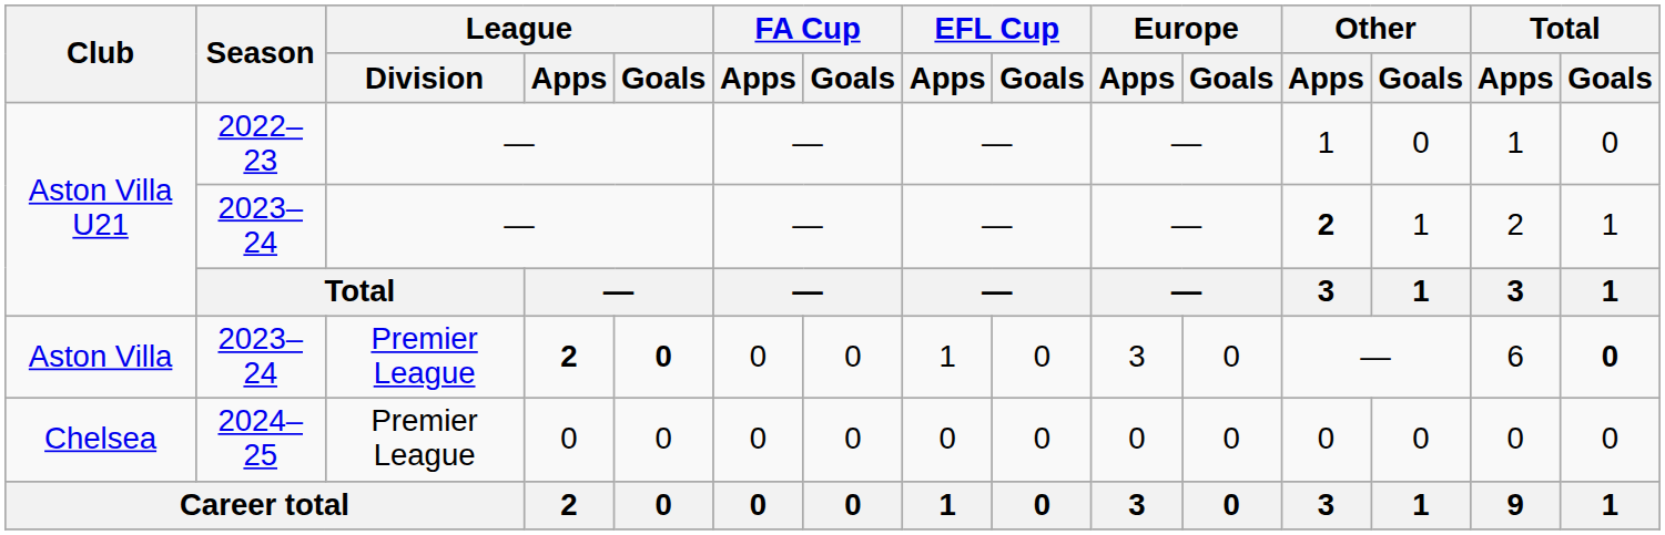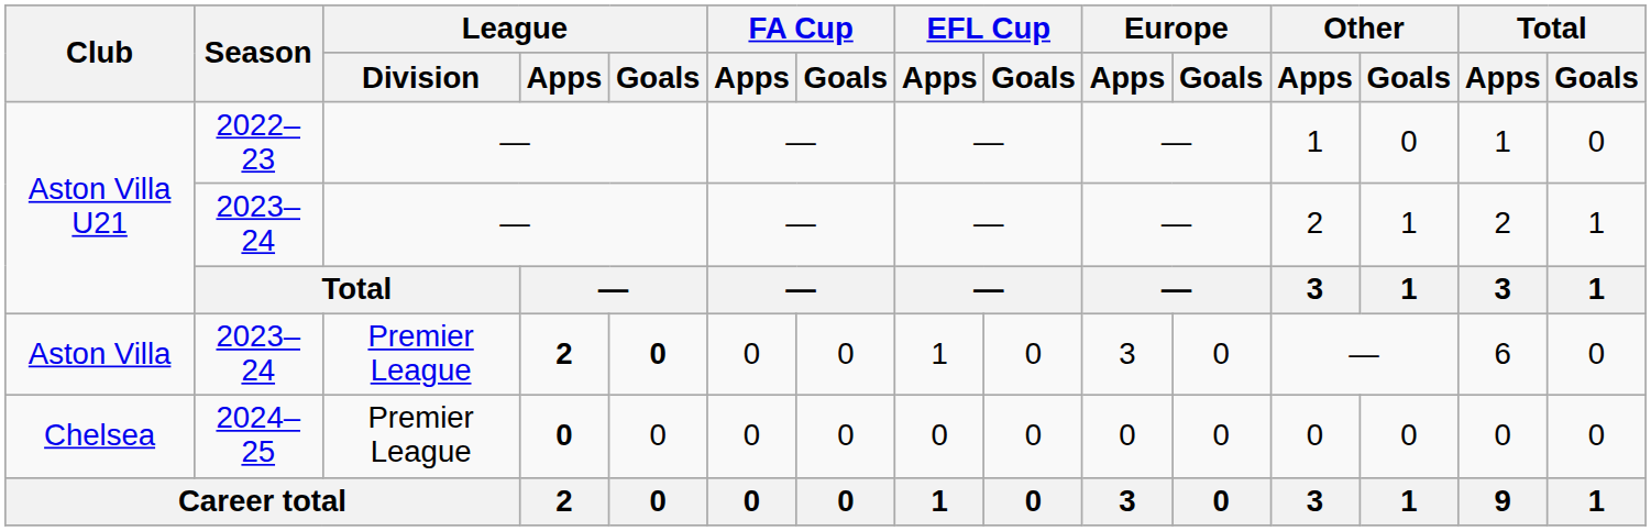 <table class=wikitable style=text-align:center>
 <tr>
 <th rowspan=2>Club</th>
 <th rowspan=2>Season</th>
 <th colspan=3>League</th>
 <th colspan=2><a href='#'>FA Cup</a></th>
 <th colspan=2><a href='#'>EFL Cup</a></th>
 <th colspan=2>Europe</th>
 <th colspan=2>Other</th>
 <th colspan=2>Total</th>
 </tr>
 <tr>
 <th>Division</th>
 <th>Apps</th>
 <th>Goals</th>
 <th>Apps</th>
 <th>Goals</th>
 <th>Apps</th>
 <th>Goals</th>
 <th>Apps</th>
 <th>Goals</th>
 <th>Apps</th>
 <th>Goals</th>
 <th>Apps</th>
 <th>Goals</th>
 </tr>
 <tr>
 <td rowspan="3"><a href='#'>Aston Villa U21</a></td>
 <td><a href='#'>2022–23</a></td>
 <td colspan=3>—</td>
 <td colspan=2>—</td>
 <td colspan=2>—</td>
 <td colspan=2>—</td>
 <td>1</td>
 <td>0</td>
 <td>1</td>
 <td>0</td>
 </tr>
 <tr>
 <td><a href='#'>2023–24</a></td>
 <td colspan=3>—</td>
 <td colspan=2>—</td>
 <td colspan=2>—</td>
 <td colspan=2>—</td>
-<td><strong>2</strong></td>
+<td>2</td>
 <td>1</td>
 <td>2</td>
 <td>1</td>
 </tr>
 <tr>
 <th colspan="2">Total</th>
 <th colspan=2>—</th>
 <th colspan=2>—</th>
 <th colspan=2>—</th>
 <th colspan=2>—</th>
 <th>3</th>
 <th>1</th>
 <th>3</th>
 <th>1</th>
 </tr>
 <tr>
 <td><a href='#'>Aston Villa</a></td>
 <td><a href='#'>2023–24</a></td>
 <td><a href='#'>Premier League</a></td>
 <td><strong>2</strong></td>
 <td><strong>0</strong></td>
 <td>0</td>
 <td>0</td>
 <td>1</td>
 <td>0</td>
 <td>3</td>
 <td>0</td>
 <td colspan=2>—</td>
 <td>6</td>
-<td><strong>0</strong></td>
+<td>0</td>
 </tr>
 <tr>
 <td><a href='#'>Chelsea</a></td>
 <td><a href='#'>2024–25</a></td>
 <td>Premier League</td>
-<td>0</td>
+<td><strong>0</strong></td>
 <td>0</td>
 <td>0</td>
 <td>0</td>
 <td>0</td>
 <td>0</td>
 <td>0</td>
 <td>0</td>
 <td>0</td>
 <td>0</td>
 <td>0</td>
 <td>0</td>
 </tr>
 <tr>
 <th colspan="3">Career total</th>
 <th>2</th>
 <th>0</th>
 <th>0</th>
 <th>0</th>
 <th>1</th>
 <th>0</th>
 <th>3</th>
 <th>0</th>
 <th>3</th>
 <th>1</th>
 <th>9</th>
 <th>1</th>
 </tr>
 </table>
